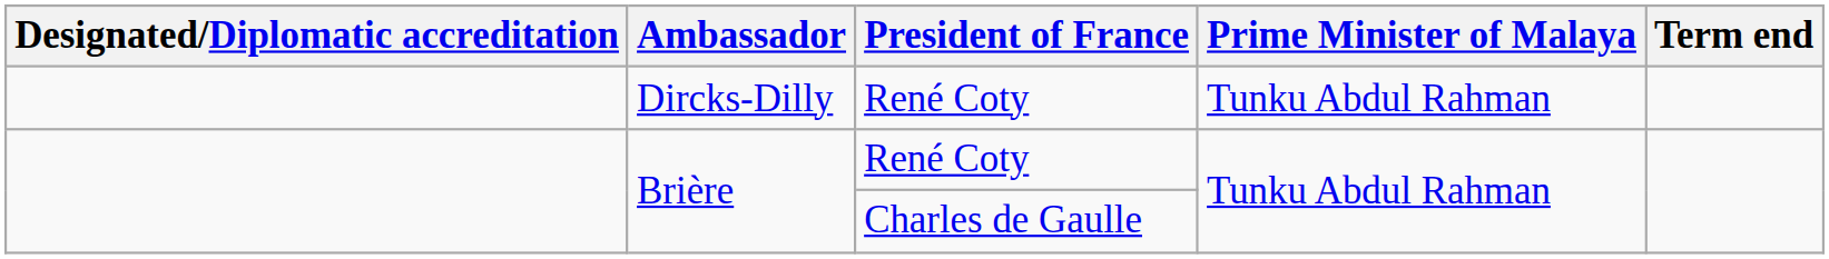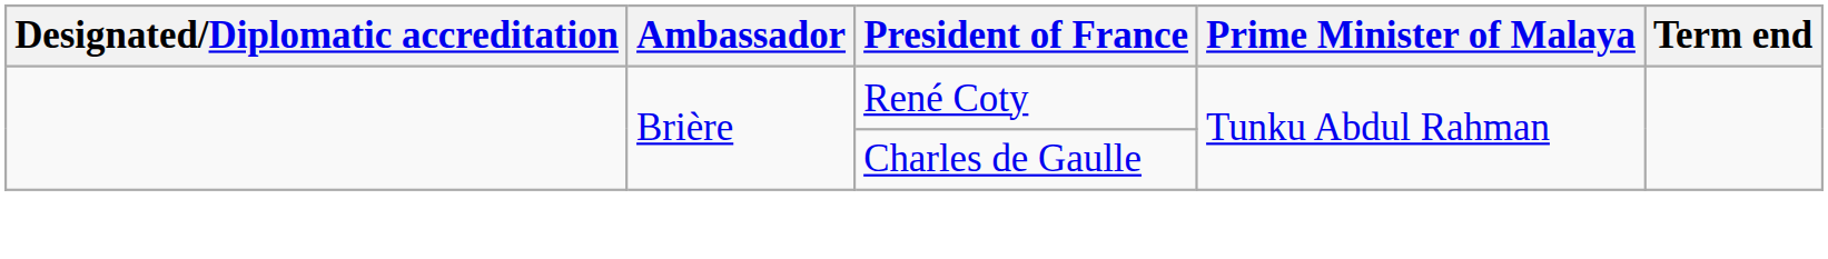 <table class="wikitable">
 <tr>
 <th>Designated/<a href='#'>Diplomatic accreditation</a></th>
 <th><a href='#'>Ambassador</a></th>
 <th><a href='#'>President of France</a></th>
 <th><a href='#'>Prime Minister of Malaya</a></th>
 <th>Term end</th>
-</tr>
-<tr>
-<td></td>
-<td><a href='#'>Dircks-Dilly</a></td>
-<td><a href='#'>René Coty</a></td>
-<td><a href='#'>Tunku Abdul Rahman</a></td>
-<td></td>
 </tr>
 <tr>
 <td rowspan="2"></td>
 <td rowspan="2"><a href='#'>Brière</a></td>
 <td><a href='#'>René Coty</a> </td>
 <td rowspan="2"><a href='#'>Tunku Abdul Rahman</a></td>
 <td rowspan="2"></td>
 </tr>
 <tr>
 <td><a href='#'>Charles de Gaulle</a> </td>
 </tr>
 </table>
